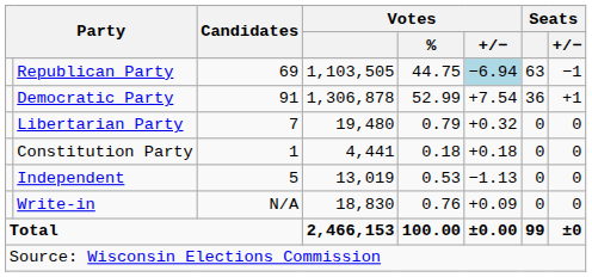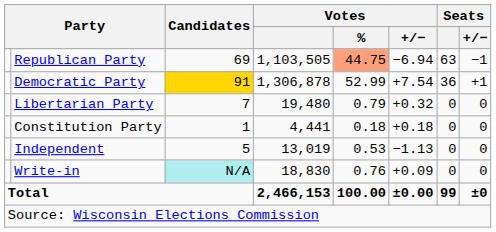 <table class="wikitable">
 <tr>
 <th colspan="2" rowspan="2">Party</th>
 <th rowspan="2">Candidates</th>
 <th colspan="3">Votes</th>
 <th colspan="2">Seats</th>
 </tr>
 <tr>
 <th></th>
 <th>%</th>
 <th>+/−</th>
 <th></th>
 <th>+/−</th>
 </tr>
 <tr>
 <td style="background-color:"></td>
 <td><a href='#'>Republican Party</a></td>
 <td align="right">69</td>
 <td align="right">1,103,505</td>
-<td align="right">44.75</td>
-<td align="right" style="background: lightblue;">−6.94</td>
+<td align="right" style="background: lightsalmon;">44.75</td>
+<td align="right">−6.94</td>
 <td align="right">63</td>
 <td align="right">−1</td>
 </tr>
 <tr>
 <td style="background-color:"></td>
 <td><a href='#'>Democratic Party</a></td>
-<td align="right">91</td>
+<td align="right" style="background: gold;">91</td>
 <td align="right">1,306,878</td>
 <td align="right">52.99</td>
 <td align="right">+7.54</td>
 <td align="right">36</td>
 <td align="right">+1</td>
 </tr>
 <tr>
 <td style="background-color:"></td>
 <td><a href='#'>Libertarian Party</a></td>
 <td align="right">7</td>
 <td align="right">19,480</td>
 <td align="right">0.79</td>
 <td align="right">+0.32</td>
 <td align="right">0</td>
 <td align="right">0</td>
 </tr>
 <tr>
 <td style="background-color:"></td>
 <td>Constitution Party</td>
 <td align="right">1</td>
 <td align="right">4,441</td>
 <td align="right">0.18</td>
 <td align="right">+0.18</td>
 <td align="right">0</td>
 <td align="right">0</td>
 </tr>
 <tr>
 <td style="background-color:"></td>
 <td><a href='#'>Independent</a></td>
 <td align="right">5</td>
 <td align="right">13,019</td>
 <td align="right">0.53</td>
 <td align="right">−1.13</td>
 <td align="right">0</td>
 <td align="right">0</td>
 </tr>
 <tr>
 <td style="background-color:"></td>
 <td><a href='#'>Write-in</a></td>
-<td align="right">N/A</td>
+<td align="right" style="background: paleturquoise;">N/A</td>
 <td align="right">18,830</td>
 <td align="right">0.76</td>
 <td align="right">+0.09</td>
 <td align="right">0</td>
 <td align="right">0</td>
 </tr>
 <tr>
 <td colspan="3"><strong>Total</strong></td>
 <td align="right"><strong>2,466,153</strong></td>
 <td align="right"><strong>100.00</strong></td>
 <td align="right"><strong>±0.00</strong></td>
 <td align="right"><strong>99</strong></td>
 <td align="right"><strong>±0</strong></td>
 </tr>
 <tr>
 <td colspan="8">Source: <a href='#'>Wisconsin Elections Commission</a></td>
 </tr>
 </table>
